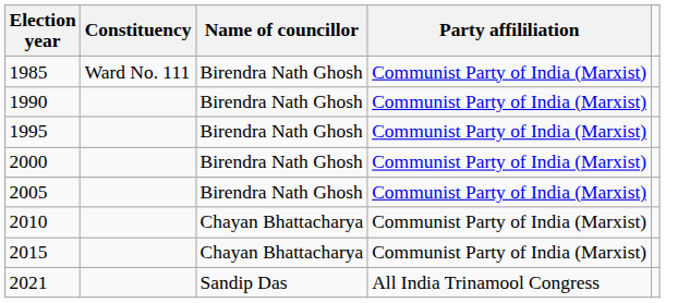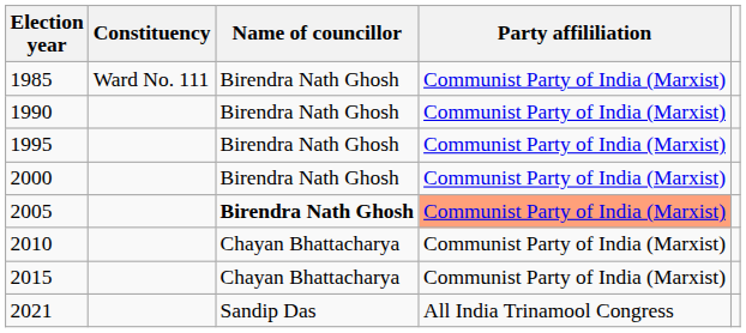 <table class="wikitable"ìÍĦĤĠčw>
 <tr>
 <th>Election<br> year</th>
 <th>Constituency</th>
 <th>Name of councillor</th>
 <th>Party affililiation</th>
 </tr>
 <tr>
 <td>1985</td>
 <td>Ward No. 111</td>
 <td>Birendra Nath Ghosh</td>
 <td><a href='#'>Communist Party of India (Marxist)</a></td>
 <td></td>
 </tr>
 <tr>
 <td>1990</td>
 <td></td>
 <td>Birendra Nath Ghosh</td>
 <td><a href='#'>Communist Party of India (Marxist)</a></td>
 <td></td>
 </tr>
 <tr>
 <td>1995</td>
 <td></td>
 <td>Birendra Nath Ghosh</td>
 <td><a href='#'>Communist Party of India (Marxist)</a></td>
 <td></td>
 </tr>
 <tr>
 <td>2000</td>
 <td></td>
 <td>Birendra Nath Ghosh</td>
 <td><a href='#'>Communist Party of India (Marxist)</a></td>
 <td></td>
 </tr>
 <tr>
 <td>2005</td>
 <td></td>
-<td>Birendra Nath Ghosh</td>
-<td><a href='#'>Communist Party of India (Marxist)</a></td>
+<td><strong>Birendra Nath Ghosh</strong></td>
+<td style="background: lightsalmon;"><a href='#'>Communist Party of India (Marxist)</a></td>
 <td></td>
 </tr>
 <tr>
 <td>2010</td>
 <td></td>
 <td>Chayan Bhattacharya</td>
 <td>Communist Party of India (Marxist)</td>
 <td></td>
 </tr>
 <tr>
 <td>2015</td>
 <td></td>
 <td>Chayan Bhattacharya</td>
 <td>Communist Party of India (Marxist)</td>
 <td></td>
 </tr>
 <tr>
 <td>2021</td>
 <td></td>
 <td>Sandip Das</td>
 <td>All India Trinamool Congress</td>
 <td></td>
 </tr>
 </table>
